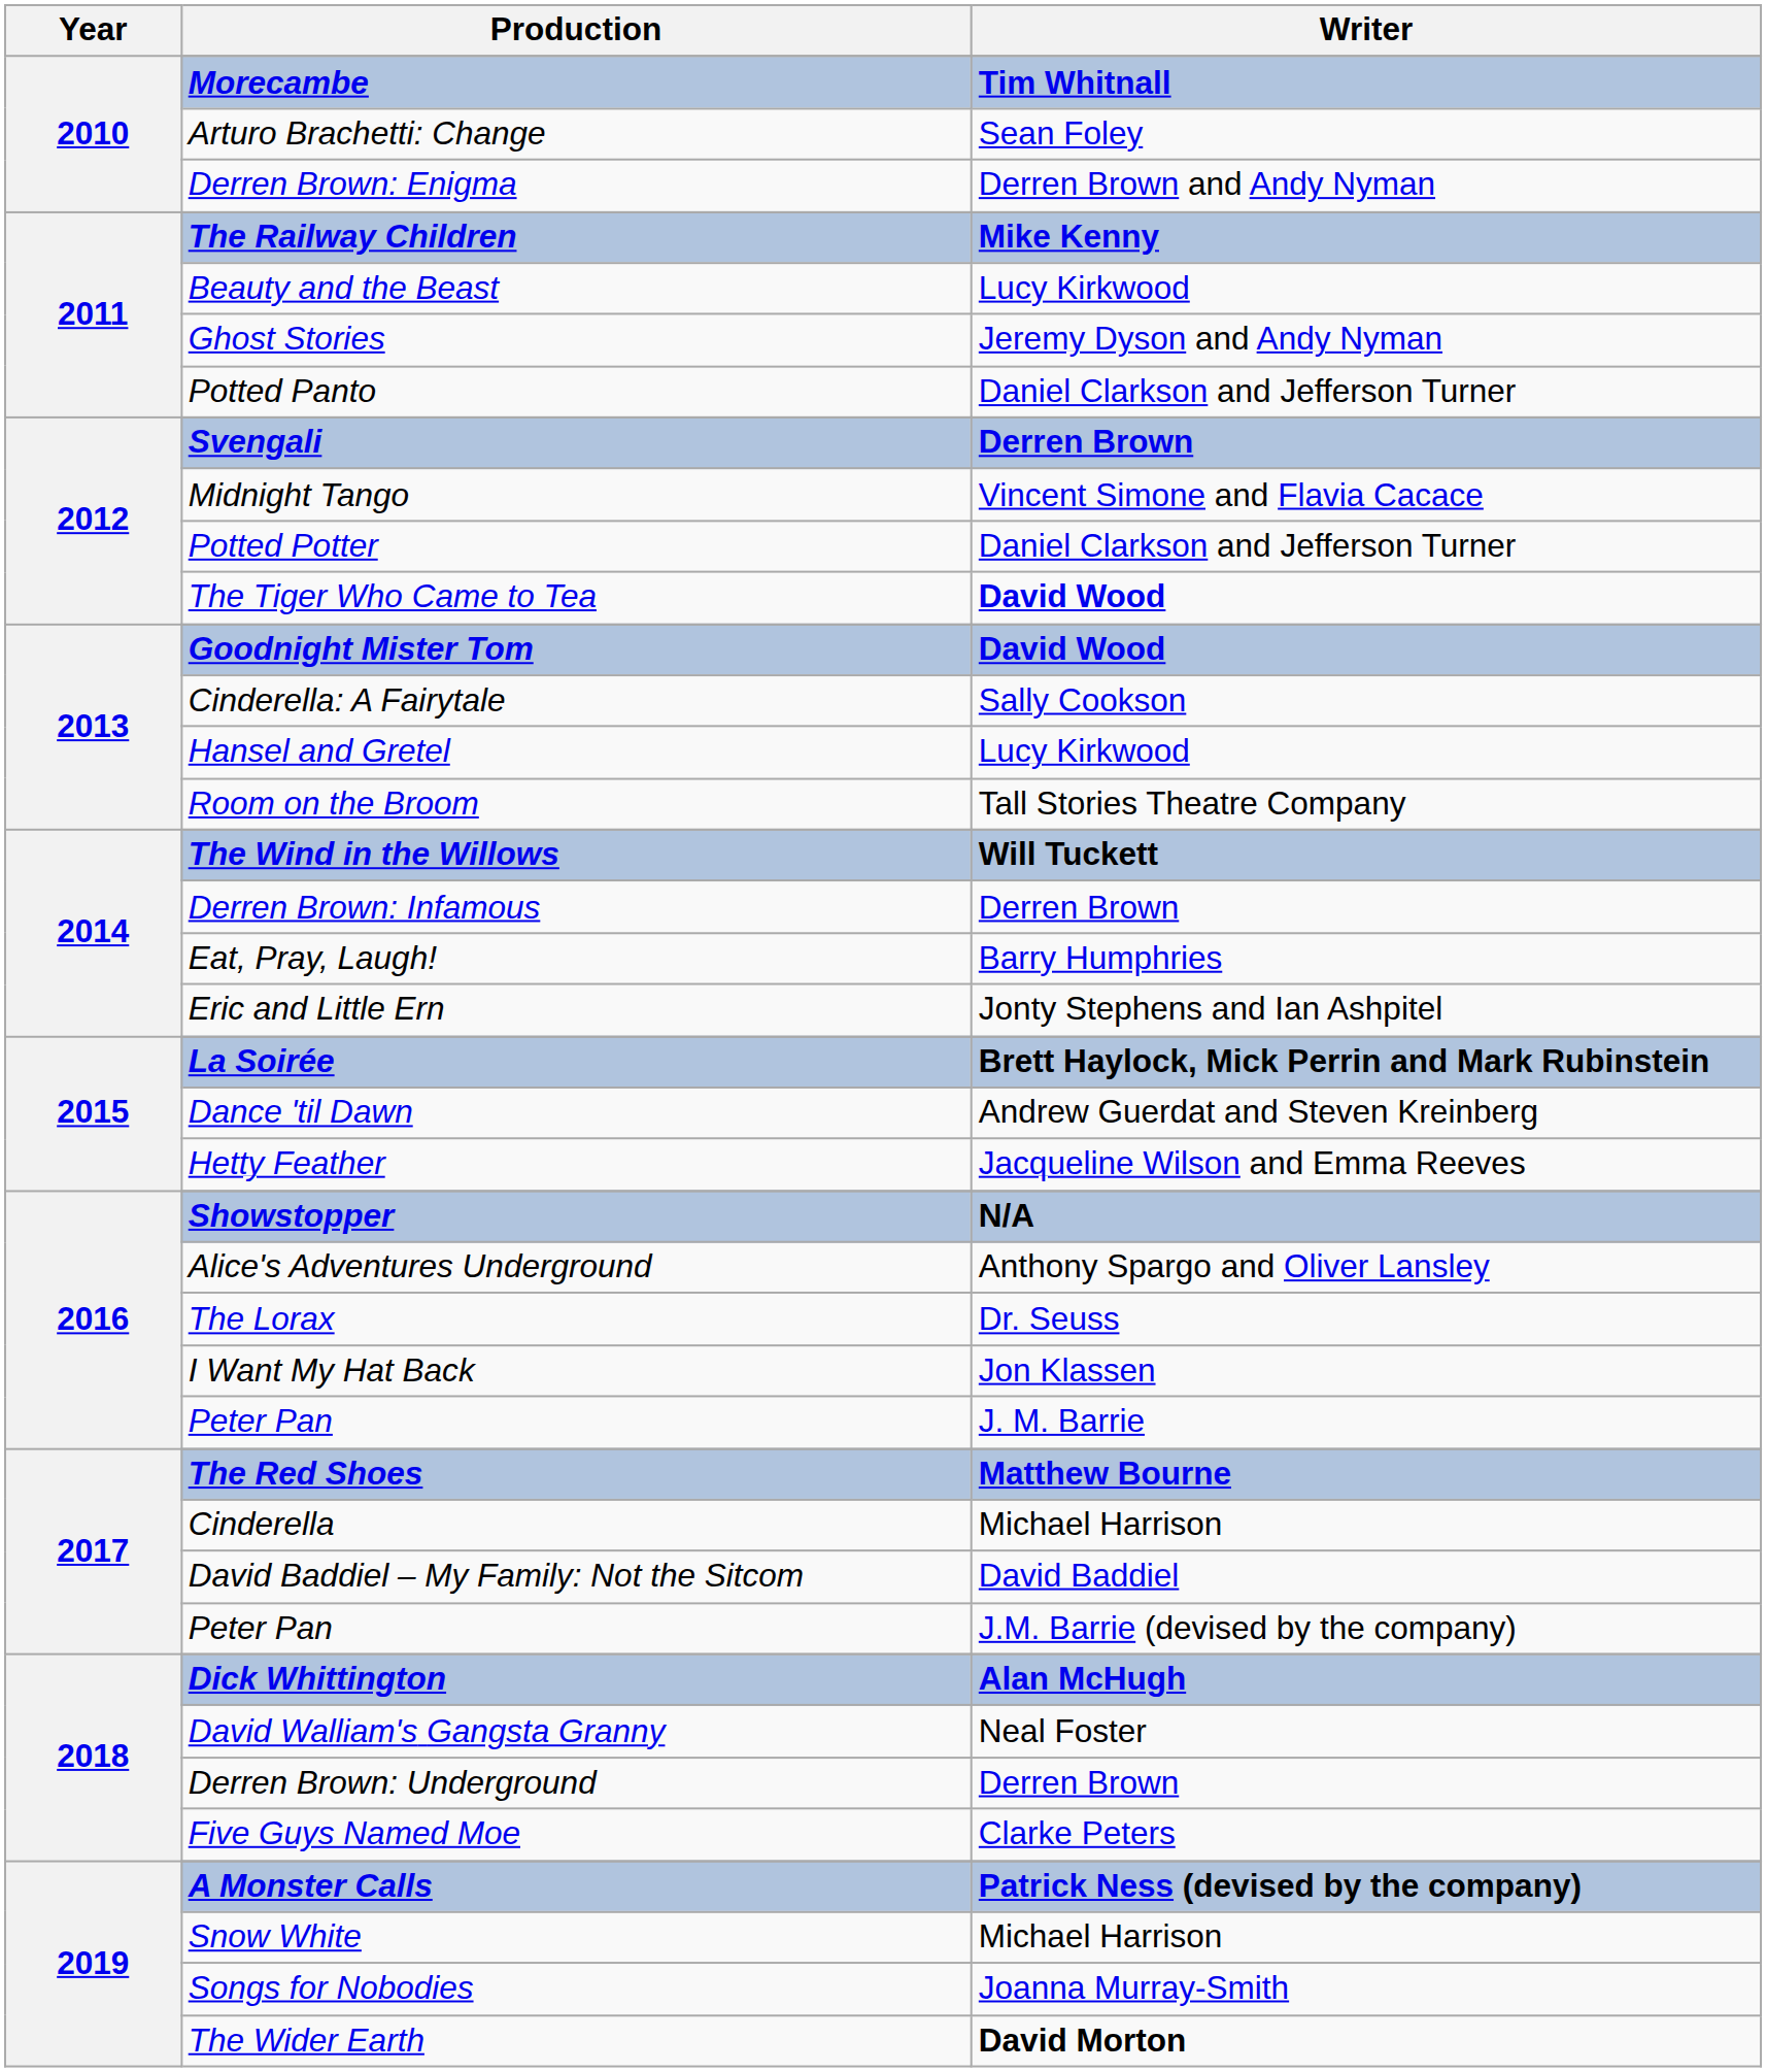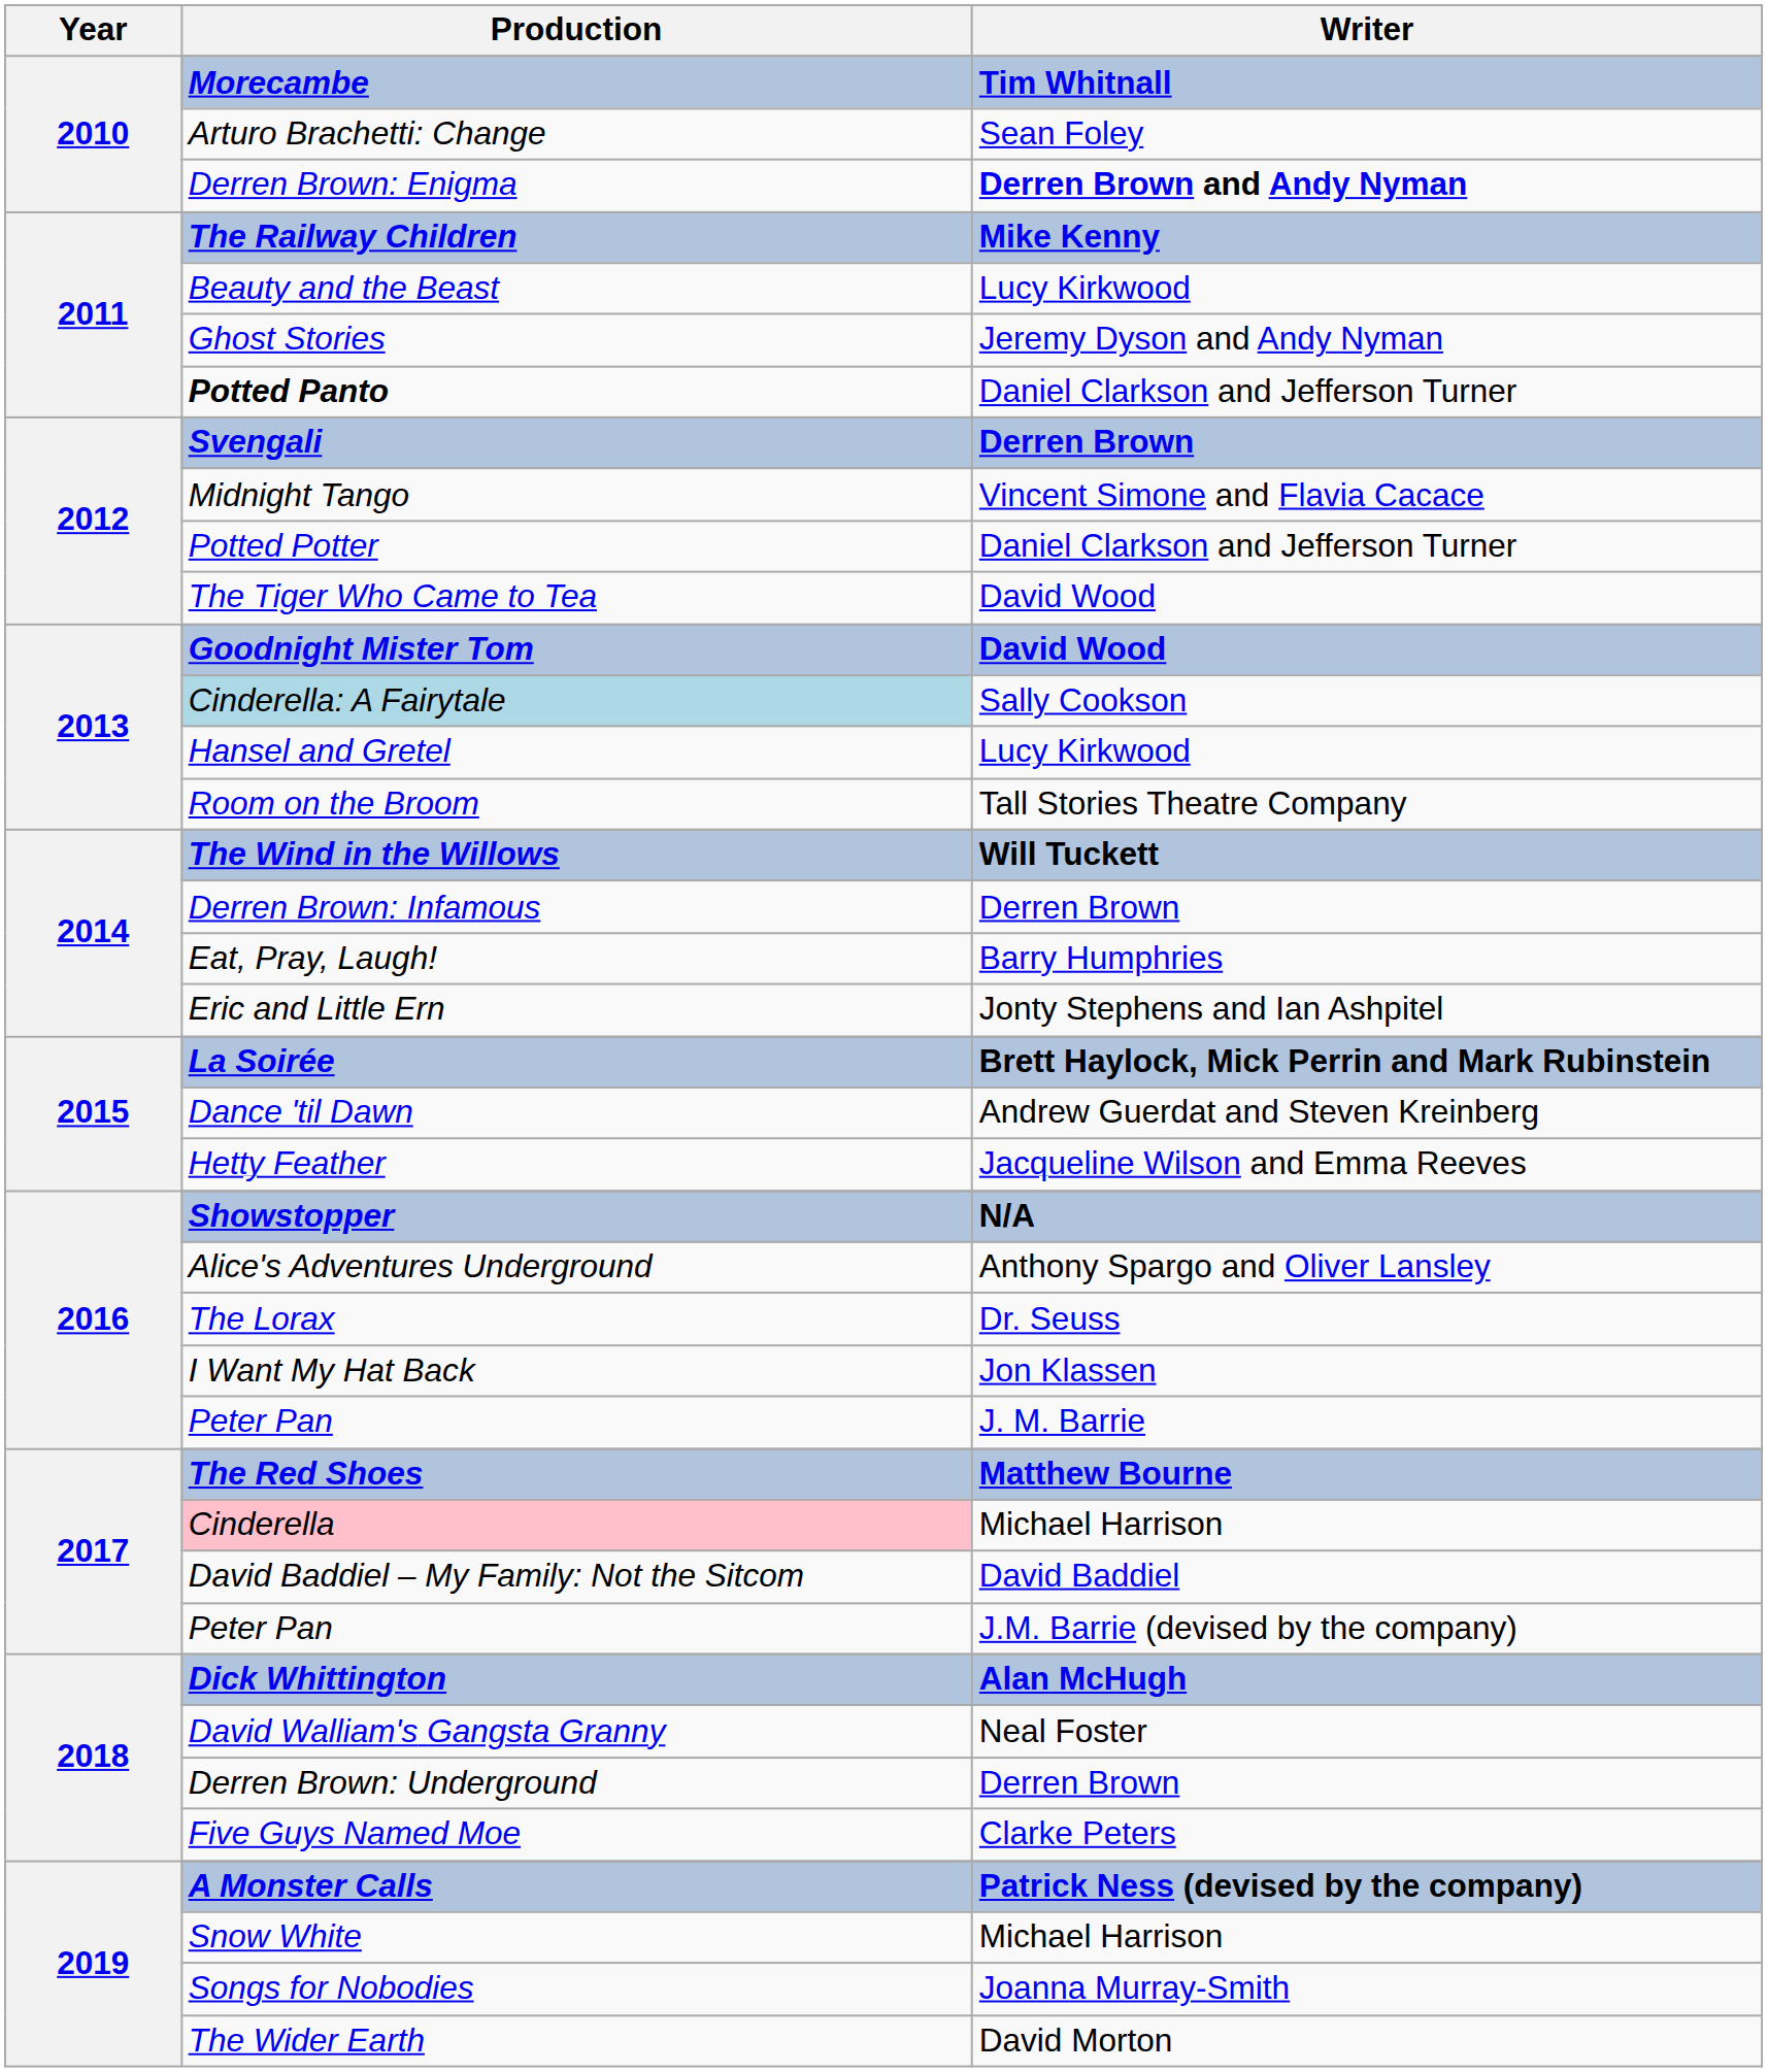 <table class="wikitable" style="width:98%;">
 <tr style="background:#bebebe;">
 <th style="width:10%;">Year</th>
 <th style="width:45%;">Production</th>
 <th style="width:45%;">Writer</th>
 </tr>
 <tr>
 <th rowspan="4" align="center"><a href='#'>2010</a></th>
 </tr>
 <tr style="background:#B0C4DE">
 <td><strong><em><a href='#'>Morecambe</a></em></strong></td>
 <td><strong><a href='#'>Tim Whitnall</a></strong></td>
 </tr>
 <tr>
 <td><em>Arturo Brachetti: Change</em></td>
 <td><a href='#'>Sean Foley</a></td>
 </tr>
 <tr>
 <td><em><a href='#'>Derren Brown: Enigma</a></em></td>
-<td><a href='#'>Derren Brown</a> and <a href='#'>Andy Nyman</a></td>
+<td><strong><a href='#'>Derren Brown</a> and <a href='#'>Andy Nyman</a></strong></td>
 </tr>
 <tr>
 <th rowspan="5" align="center"><a href='#'>2011</a></th>
 </tr>
 <tr style="background:#B0C4DE">
 <td><strong><em><a href='#'>The Railway Children</a></em></strong></td>
 <td><strong><a href='#'>Mike Kenny</a></strong></td>
 </tr>
 <tr>
 <td><em><a href='#'>Beauty and the Beast</a></em></td>
 <td><a href='#'>Lucy Kirkwood</a></td>
 </tr>
 <tr>
 <td><em><a href='#'>Ghost Stories</a></em></td>
 <td><a href='#'>Jeremy Dyson</a> and <a href='#'>Andy Nyman</a></td>
 </tr>
 <tr>
-<td><em>Potted Panto</em></td>
+<td><strong><em>Potted Panto</em></strong></td>
 <td><a href='#'>Daniel Clarkson</a> and Jefferson Turner</td>
 </tr>
 <tr>
 <th rowspan="5" align="center"><a href='#'>2012</a></th>
 </tr>
 <tr style="background:#B0C4DE">
 <td><strong><em><a href='#'>Svengali</a></em></strong></td>
 <td><strong><a href='#'>Derren Brown</a></strong></td>
 </tr>
 <tr>
 <td><em>Midnight Tango</em></td>
 <td><a href='#'>Vincent Simone</a> and <a href='#'>Flavia Cacace</a></td>
 </tr>
 <tr>
 <td><em><a href='#'>Potted Potter</a></em></td>
 <td><a href='#'>Daniel Clarkson</a> and Jefferson Turner</td>
 </tr>
 <tr>
 <td><em><a href='#'>The Tiger Who Came to Tea</a></em></td>
-<td><strong><a href='#'>David Wood</a></strong></td>
+<td><a href='#'>David Wood</a></td>
 </tr>
 <tr>
 <th rowspan="5" align="center"><a href='#'>2013</a></th>
 </tr>
 <tr style="background:#B0C4DE">
 <td><strong><em><a href='#'>Goodnight Mister Tom</a></em></strong></td>
 <td><strong><a href='#'>David Wood</a></strong></td>
 </tr>
 <tr>
-<td><em>Cinderella: A Fairytale</em></td>
+<td style="background: lightblue;"><em>Cinderella: A Fairytale</em></td>
 <td><a href='#'>Sally Cookson</a></td>
 </tr>
 <tr>
 <td><em><a href='#'>Hansel and Gretel</a></em></td>
 <td><a href='#'>Lucy Kirkwood</a></td>
 </tr>
 <tr>
 <td><em><a href='#'>Room on the Broom</a></em></td>
 <td>Tall Stories Theatre Company</td>
 </tr>
 <tr>
 <th rowspan="5" align="center"><a href='#'>2014</a></th>
 </tr>
 <tr style="background:#B0C4DE">
 <td><strong><em><a href='#'>The Wind in the Willows</a></em></strong></td>
 <td><strong>Will Tuckett</strong></td>
 </tr>
 <tr>
 <td><em><a href='#'>Derren Brown: Infamous</a></em></td>
 <td><a href='#'>Derren Brown</a></td>
 </tr>
 <tr>
 <td><em>Eat, Pray, Laugh!</em></td>
 <td><a href='#'>Barry Humphries</a></td>
 </tr>
 <tr>
 <td><em>Eric and Little Ern</em></td>
 <td>Jonty Stephens and Ian Ashpitel</td>
 </tr>
 <tr>
 <th rowspan="4" align="center"><a href='#'>2015</a></th>
 </tr>
 <tr style="background:#B0C4DE">
 <td><strong><em><a href='#'>La Soirée</a></em></strong></td>
 <td><strong>Brett Haylock, Mick Perrin and Mark Rubinstein</strong></td>
 </tr>
 <tr>
 <td><em><a href='#'>Dance 'til Dawn</a></em></td>
 <td>Andrew Guerdat and Steven Kreinberg</td>
 </tr>
 <tr>
 <td><em><a href='#'>Hetty Feather</a></em></td>
 <td><a href='#'>Jacqueline Wilson</a> and Emma Reeves</td>
 </tr>
 <tr>
 <th rowspan="6" align="center"><a href='#'>2016</a></th>
 </tr>
 <tr style="background:#B0C4DE">
 <td><strong><em><a href='#'>Showstopper</a></em></strong></td>
 <td><strong>N/A</strong></td>
 </tr>
 <tr>
 <td><em>Alice's Adventures Underground</em></td>
 <td>Anthony Spargo and <a href='#'>Oliver Lansley</a></td>
 </tr>
 <tr>
 <td><em><a href='#'>The Lorax</a></em></td>
 <td><a href='#'>Dr. Seuss</a></td>
 </tr>
 <tr>
 <td><em>I Want My Hat Back</em></td>
 <td><a href='#'>Jon Klassen</a></td>
 </tr>
 <tr>
 <td><em><a href='#'>Peter Pan</a></em></td>
 <td><a href='#'>J. M. Barrie</a></td>
 </tr>
 <tr>
 <th rowspan="5" align="center"><a href='#'>2017</a></th>
 </tr>
 <tr style="background:#B0C4DE">
 <td><strong><em><a href='#'>The Red Shoes</a></em></strong></td>
 <td><strong><a href='#'>Matthew Bourne</a></strong></td>
 </tr>
 <tr>
-<td><em>Cinderella</em></td>
+<td style="background: pink;"><em>Cinderella</em></td>
 <td>Michael Harrison</td>
 </tr>
 <tr>
 <td><em>David Baddiel – My Family: Not the Sitcom</em></td>
 <td><a href='#'>David Baddiel</a></td>
 </tr>
 <tr>
 <td><em>Peter Pan</em></td>
 <td><a href='#'>J.M. Barrie</a> (devised by the company)</td>
 </tr>
 <tr>
 <th rowspan="5"><a href='#'>2018</a></th>
 </tr>
 <tr style="background:#B0C4DE">
 <td><strong><em><a href='#'>Dick Whittington</a></em></strong></td>
 <td><strong><a href='#'>Alan McHugh</a></strong></td>
 </tr>
 <tr>
 <td><a href='#'><em>David Walliam's</em> <em>Gangsta Granny</em></a></td>
 <td>Neal Foster</td>
 </tr>
 <tr>
 <td><em>Derren Brown: Underground</em></td>
 <td><a href='#'>Derren Brown</a></td>
 </tr>
 <tr>
 <td><em><a href='#'>Five Guys Named Moe</a></em></td>
 <td><a href='#'>Clarke Peters</a></td>
 </tr>
 <tr>
 <th rowspan=5 align=center><a href='#'>2019</a></th>
 </tr>
 <tr style="background:#B0C4DE">
 <td><strong><em><a href='#'>A Monster Calls</a></em></strong></td>
 <td><strong><a href='#'>Patrick Ness</a> (devised by the company)</strong></td>
 </tr>
 <tr>
 <td><em><a href='#'>Snow White</a></em></td>
 <td>Michael Harrison</td>
 </tr>
 <tr>
 <td><em><a href='#'>Songs for Nobodies</a></em></td>
 <td><a href='#'>Joanna Murray-Smith</a></td>
 </tr>
 <tr>
 <td><em><a href='#'>The Wider Earth</a></em></td>
-<td><strong>David Morton</strong></td>
+<td>David Morton</td>
 </tr>
 </table>
